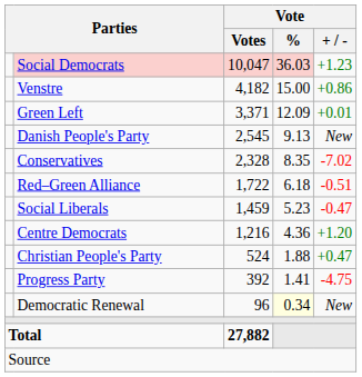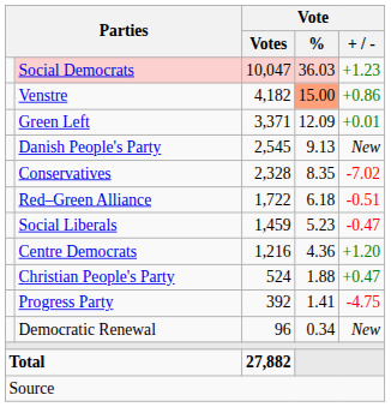 <table class="wikitable" style="text-align:right;">
 <tr>
 <th style="text-align:centre;" rowspan="2" colspan="2" width="225">Parties</th>
 <th colspan="3">Vote</th>
 </tr>
 <tr>
 <th width="15">Votes</th>
 <th width="15">%</th>
 <th width="15">+ / -</th>
 </tr>
 <tr>
 <td width="2" style="color:inherit;background:"></td>
 <td bgcolor=#fbd0ce  align="left"><a href='#'>Social Democrats</a></td>
 <td bgcolor=#fbd0ce>10,047</td>
 <td bgcolor=#fbd0ce>36.03</td>
 <td style=color:green;>+1.23</td>
 </tr>
 <tr>
 <td width="2" style="color:inherit;background:"></td>
 <td align="left"><a href='#'>Venstre</a></td>
 <td>4,182</td>
-<td>15.00</td>
+<td style="background: lightsalmon;">15.00</td>
 <td style=color:green;>+0.86</td>
 </tr>
 <tr>
 <td width="2" style="color:inherit;background:"></td>
 <td align="left"><a href='#'>Green Left</a></td>
 <td>3,371</td>
 <td>12.09</td>
 <td style=color:green;>+0.01</td>
 </tr>
 <tr>
 <td width="2" style="color:inherit;background:"></td>
 <td align="left"><a href='#'>Danish People's Party</a></td>
 <td>2,545</td>
 <td>9.13</td>
 <td><em>New</em></td>
 </tr>
 <tr>
 <td width="2" style="color:inherit;background:"></td>
 <td align="left"><a href='#'>Conservatives</a></td>
 <td>2,328</td>
 <td>8.35</td>
 <td style=color:red;>-7.02</td>
 </tr>
 <tr>
 <td width="2" style="color:inherit;background:"></td>
 <td align="left"><a href='#'>Red–Green Alliance</a></td>
 <td>1,722</td>
 <td>6.18</td>
 <td style=color:red;>-0.51</td>
 </tr>
 <tr>
 <td width="2" style="color:inherit;background:"></td>
 <td align="left"><a href='#'>Social Liberals</a></td>
 <td>1,459</td>
 <td>5.23</td>
 <td style=color:red;>-0.47</td>
 </tr>
 <tr>
 <td width="2" style="color:inherit;background:"></td>
 <td align="left"><a href='#'>Centre Democrats</a></td>
 <td>1,216</td>
 <td>4.36</td>
 <td style=color:green;>+1.20</td>
 </tr>
 <tr>
 <td width="2" style="color:inherit;background:"></td>
 <td align="left"><a href='#'>Christian People's Party</a></td>
 <td>524</td>
 <td>1.88</td>
 <td style=color:green;>+0.47</td>
 </tr>
 <tr>
 <td width="2" style="color:inherit;background:"></td>
 <td align="left"><a href='#'>Progress Party</a></td>
 <td>392</td>
 <td>1.41</td>
 <td style=color:red;>-4.75</td>
 </tr>
 <tr>
 <td width="2" style="color:inherit;background:"></td>
 <td align="left">Democratic Renewal</td>
 <td>96</td>
-<td style="background: lightyellow;">0.34</td>
+<td>0.34</td>
 <td><em>New</em></td>
 </tr>
 <tr>
 <td colspan="7" bgcolor="#E9E9E9"></td>
 </tr>
 <tr>
 <td align="left" colspan="2"><strong>Total</strong></td>
 <td><strong>27,882</strong></td>
 <td bgcolor="#E9E9E9" colspan="2"></td>
 </tr>
 <tr>
 <td align="left" colspan="6">Source</td>
 </tr>
 </table>
